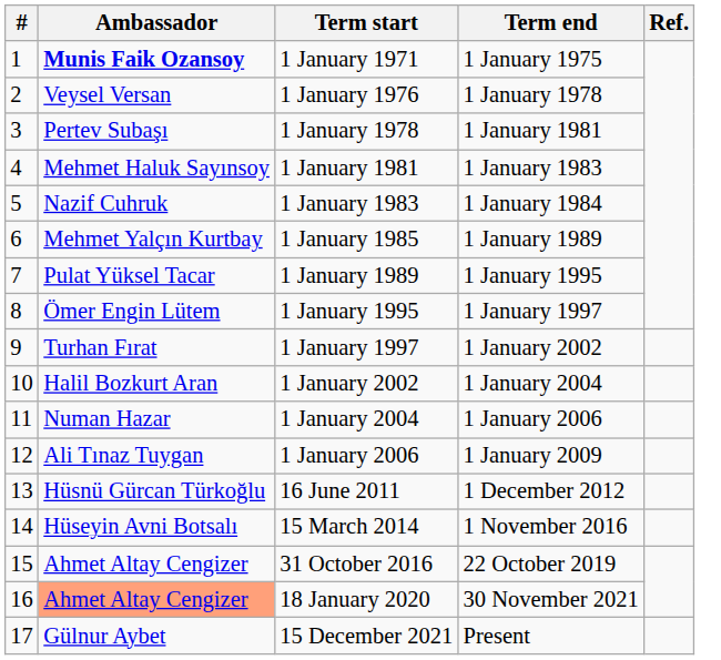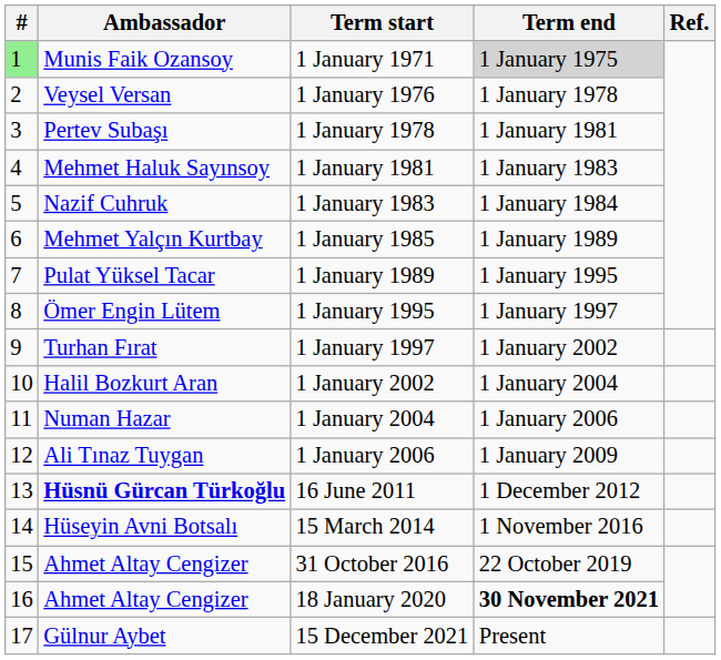 <table class="wikitable">
 <tr>
 <th>#</th>
 <th>Ambassador</th>
 <th>Term start</th>
 <th>Term end</th>
 <th>Ref.</th>
 </tr>
 <tr>
-<td>1</td>
-<td><strong><a href='#'>Munis Faik Ozansoy</a></strong></td>
+<td style="background: lightgreen;">1</td>
+<td><a href='#'>Munis Faik Ozansoy</a></td>
 <td>1 January 1971</td>
-<td>1 January 1975</td>
+<td style="background: lightgrey;">1 January 1975</td>
 <td rowspan="8"></td>
 </tr>
 <tr>
 <td>2</td>
 <td><a href='#'>Veysel Versan</a></td>
 <td>1 January 1976</td>
 <td>1 January 1978</td>
 </tr>
 <tr>
 <td>3</td>
 <td><a href='#'>Pertev Subaşı</a></td>
 <td>1 January 1978</td>
 <td>1 January 1981</td>
 </tr>
 <tr>
 <td>4</td>
 <td><a href='#'>Mehmet Haluk Sayınsoy</a></td>
 <td>1 January 1981</td>
 <td>1 January 1983</td>
 </tr>
 <tr>
 <td>5</td>
 <td><a href='#'>Nazif Cuhruk</a></td>
 <td>1 January 1983</td>
 <td>1 January 1984</td>
 </tr>
 <tr>
 <td>6</td>
 <td><a href='#'>Mehmet Yalçın Kurtbay</a></td>
 <td>1 January 1985</td>
 <td>1 January 1989</td>
 </tr>
 <tr>
 <td>7</td>
 <td><a href='#'>Pulat Yüksel Tacar</a></td>
 <td>1 January 1989</td>
 <td>1 January 1995</td>
 </tr>
 <tr>
 <td>8</td>
 <td><a href='#'>Ömer Engin Lütem</a></td>
 <td>1 January 1995</td>
 <td>1 January 1997</td>
 </tr>
 <tr>
 <td>9</td>
 <td><a href='#'>Turhan Fırat</a></td>
 <td>1 January 1997</td>
 <td>1 January 2002</td>
 <td></td>
 </tr>
 <tr>
 <td>10</td>
 <td><a href='#'>Halil Bozkurt Aran</a></td>
 <td>1 January 2002</td>
 <td>1 January 2004</td>
 <td></td>
 </tr>
 <tr>
 <td>11</td>
 <td><a href='#'>Numan Hazar</a></td>
 <td>1 January 2004</td>
 <td>1 January 2006</td>
 <td></td>
 </tr>
 <tr>
 <td>12</td>
 <td><a href='#'>Ali Tınaz Tuygan</a></td>
 <td>1 January 2006</td>
 <td>1 January 2009</td>
 <td></td>
 </tr>
 <tr>
 <td>13</td>
-<td><a href='#'>Hüsnü Gürcan Türkoğlu</a></td>
+<td><strong><a href='#'>Hüsnü Gürcan Türkoğlu</a></strong></td>
 <td>16 June 2011</td>
 <td>1 December 2012</td>
 <td></td>
 </tr>
 <tr>
 <td>14</td>
 <td><a href='#'>Hüseyin Avni Botsalı</a></td>
 <td>15 March 2014</td>
 <td>1 November 2016</td>
 <td></td>
 </tr>
 <tr>
 <td>15</td>
 <td><a href='#'>Ahmet Altay Cengizer</a></td>
 <td>31 October 2016</td>
 <td>22 October 2019</td>
 <td rowspan="2"></td>
 </tr>
 <tr>
 <td>16</td>
-<td style="background: lightsalmon;"><a href='#'>Ahmet Altay Cengizer</a></td>
+<td><a href='#'>Ahmet Altay Cengizer</a></td>
 <td>18 January 2020</td>
-<td>30 November 2021</td>
+<td><strong>30 November 2021</strong></td>
 </tr>
 <tr>
 <td>17</td>
 <td><a href='#'>Gülnur Aybet</a></td>
 <td>15 December 2021</td>
 <td>Present</td>
 <td></td>
 </tr>
 </table>
